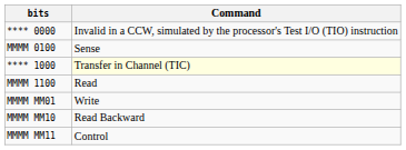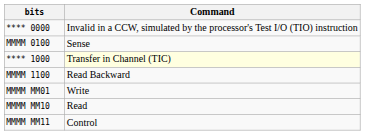 <table class="wikitable collapsible">
 <tr>
 <th style="font-family:monospace; width:7em">bits</th>
 <th>Command</th>
 </tr>
 <tr>
 <td style="font-family:monospace">**** 0000</td>
 <td>Invalid in a CCW, simulated by the processor's Test I/O (TIO) instruction</td>
 </tr>
 <tr>
 <td style="font-family:monospace">MMMM 0100</td>
 <td>Sense</td>
 </tr>
 <tr>
 <td style="font-family:monospace">**** 1000</td>
 <td style="background: lightyellow;">Transfer in Channel (TIC)</td>
 </tr>
 <tr>
 <td style="font-family:monospace">MMMM 1100</td>
-<td>Read</td>
+<td>Read Backward</td>
 </tr>
 <tr>
 <td style="font-family:monospace">MMMM MM01</td>
 <td>Write</td>
 </tr>
 <tr>
 <td style="font-family:monospace">MMMM MM10</td>
-<td>Read Backward</td>
+<td>Read</td>
 </tr>
 <tr>
 <td style="font-family:monospace">MMMM MM11</td>
 <td>Control</td>
 </tr>
 </table>
